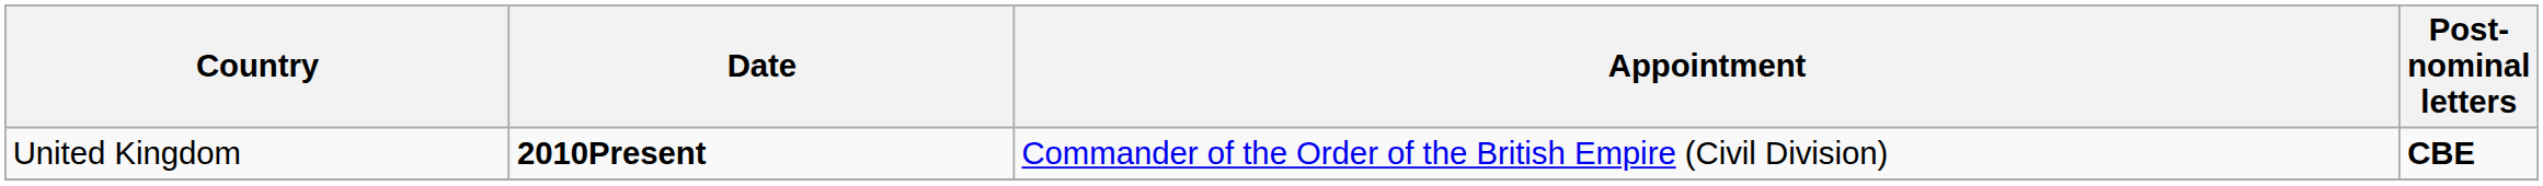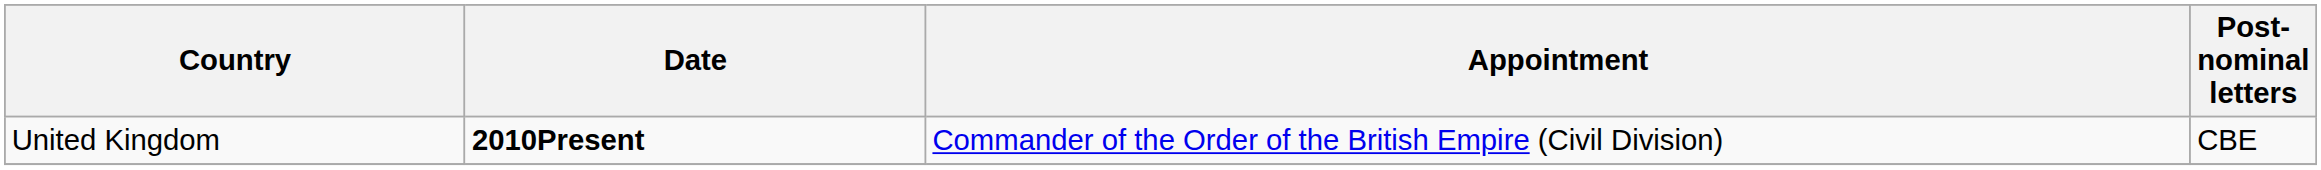 <table class="wikitable" style="width:100%;">
 <tr>
 <th style="width:20%;">Country</th>
 <th style="width:20%;">Date</th>
 <th style="width:55%;">Appointment</th>
 <th style="width:5%;">Post-nominal letters</th>
 </tr>
 <tr>
 <td>United Kingdom</td>
 <td><strong>2010Present</strong></td>
 <td><a href='#'>Commander of the Order of the British Empire</a> (Civil Division)</td>
-<td><strong>CBE</strong></td>
+<td>CBE</td>
 </tr>
 <tr>
 </tr>
 </table>
